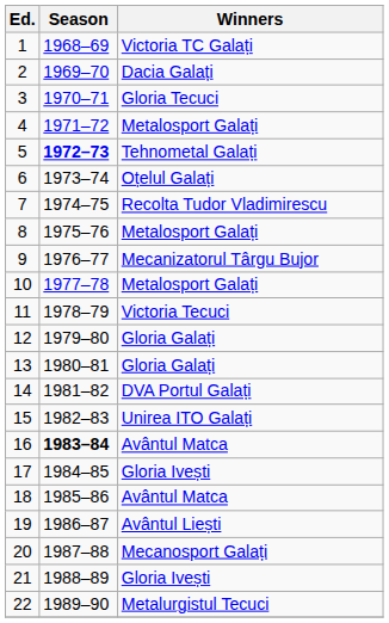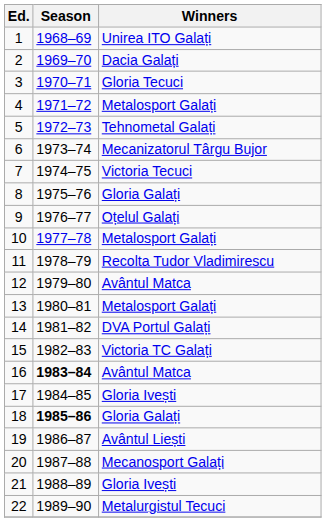 <table class="wikitable" style="font-size:90%">
 <tr>
 <th><abbr>Ed.</abbr></th>
 <th width="60">Season</th>
 <th width="220">Winners</th>
 </tr>
 <tr>
 <td align=center>1</td>
 <td><a href='#'>1968–69</a></td>
-<td><a href='#'>Victoria TC Galați</a></td>
+<td><a href='#'>Unirea ITO Galați</a></td>
 </tr>
 <tr>
 <td align=center>2</td>
 <td><a href='#'>1969–70</a></td>
 <td><a href='#'>Dacia Galați</a></td>
 </tr>
 <tr>
 <td align=center>3</td>
 <td><a href='#'>1970–71</a></td>
 <td><a href='#'>Gloria Tecuci</a></td>
 </tr>
 <tr>
 <td align=center>4</td>
 <td><a href='#'>1971–72</a></td>
 <td><a href='#'>Metalosport Galați</a></td>
 </tr>
 <tr>
 <td align=center>5</td>
-<td><strong><a href='#'>1972–73</a></strong></td>
+<td><a href='#'>1972–73</a></td>
 <td><a href='#'>Tehnometal Galați</a></td>
 </tr>
 <tr>
 <td align=center>6</td>
 <td>1973–74</td>
-<td><a href='#'>Oțelul Galați</a></td>
+<td><a href='#'>Mecanizatorul Târgu Bujor</a></td>
 </tr>
 <tr>
 <td align=center>7</td>
 <td>1974–75</td>
-<td><a href='#'>Recolta Tudor Vladimirescu</a></td>
+<td><a href='#'>Victoria Tecuci</a></td>
 </tr>
 <tr>
 <td align=center>8</td>
 <td>1975–76</td>
-<td><a href='#'>Metalosport Galați</a></td>
+<td><a href='#'>Gloria Galați</a></td>
 </tr>
 <tr>
 <td align=center>9</td>
 <td>1976–77</td>
-<td><a href='#'>Mecanizatorul Târgu Bujor</a></td>
+<td><a href='#'>Oțelul Galați</a></td>
 </tr>
 <tr>
 <td align=center>10</td>
 <td><a href='#'>1977–78</a></td>
 <td><a href='#'>Metalosport Galați</a></td>
 </tr>
 <tr>
 <td align=center>11</td>
 <td>1978–79</td>
-<td><a href='#'>Victoria Tecuci</a></td>
+<td><a href='#'>Recolta Tudor Vladimirescu</a></td>
 </tr>
 <tr>
 <td align=center>12</td>
 <td>1979–80</td>
-<td><a href='#'>Gloria Galați</a></td>
+<td><a href='#'>Avântul Matca</a></td>
 </tr>
 <tr>
 <td align=center>13</td>
 <td>1980–81</td>
-<td><a href='#'>Gloria Galați</a></td>
+<td><a href='#'>Metalosport Galați</a></td>
 </tr>
 <tr>
 <td align=center>14</td>
 <td>1981–82</td>
 <td><a href='#'>DVA Portul Galați</a></td>
 </tr>
 <tr>
 <td align=center>15</td>
 <td>1982–83</td>
-<td><a href='#'>Unirea ITO Galați</a></td>
+<td><a href='#'>Victoria TC Galați</a></td>
 </tr>
 <tr>
 <td align=center>16</td>
 <td><strong>1983–84</strong></td>
 <td><a href='#'>Avântul Matca</a></td>
 </tr>
 <tr>
 <td align=center>17</td>
 <td>1984–85</td>
 <td><a href='#'>Gloria Ivești</a></td>
 </tr>
 <tr>
 <td align=center>18</td>
-<td>1985–86</td>
-<td><a href='#'>Avântul Matca</a></td>
+<td><strong>1985–86</strong></td>
+<td><a href='#'>Gloria Galați</a></td>
 </tr>
 <tr>
 <td align=center>19</td>
 <td>1986–87</td>
 <td><a href='#'>Avântul Liești</a></td>
 </tr>
 <tr>
 <td align=center>20</td>
 <td>1987–88</td>
 <td><a href='#'>Mecanosport Galați</a></td>
 </tr>
 <tr>
 <td align=center>21</td>
 <td>1988–89</td>
 <td><a href='#'>Gloria Ivești</a></td>
 </tr>
 <tr>
 <td align=center>22</td>
 <td>1989–90</td>
 <td><a href='#'>Metalurgistul Tecuci</a></td>
 </tr>
 <tr>
 </tr>
 </table>
